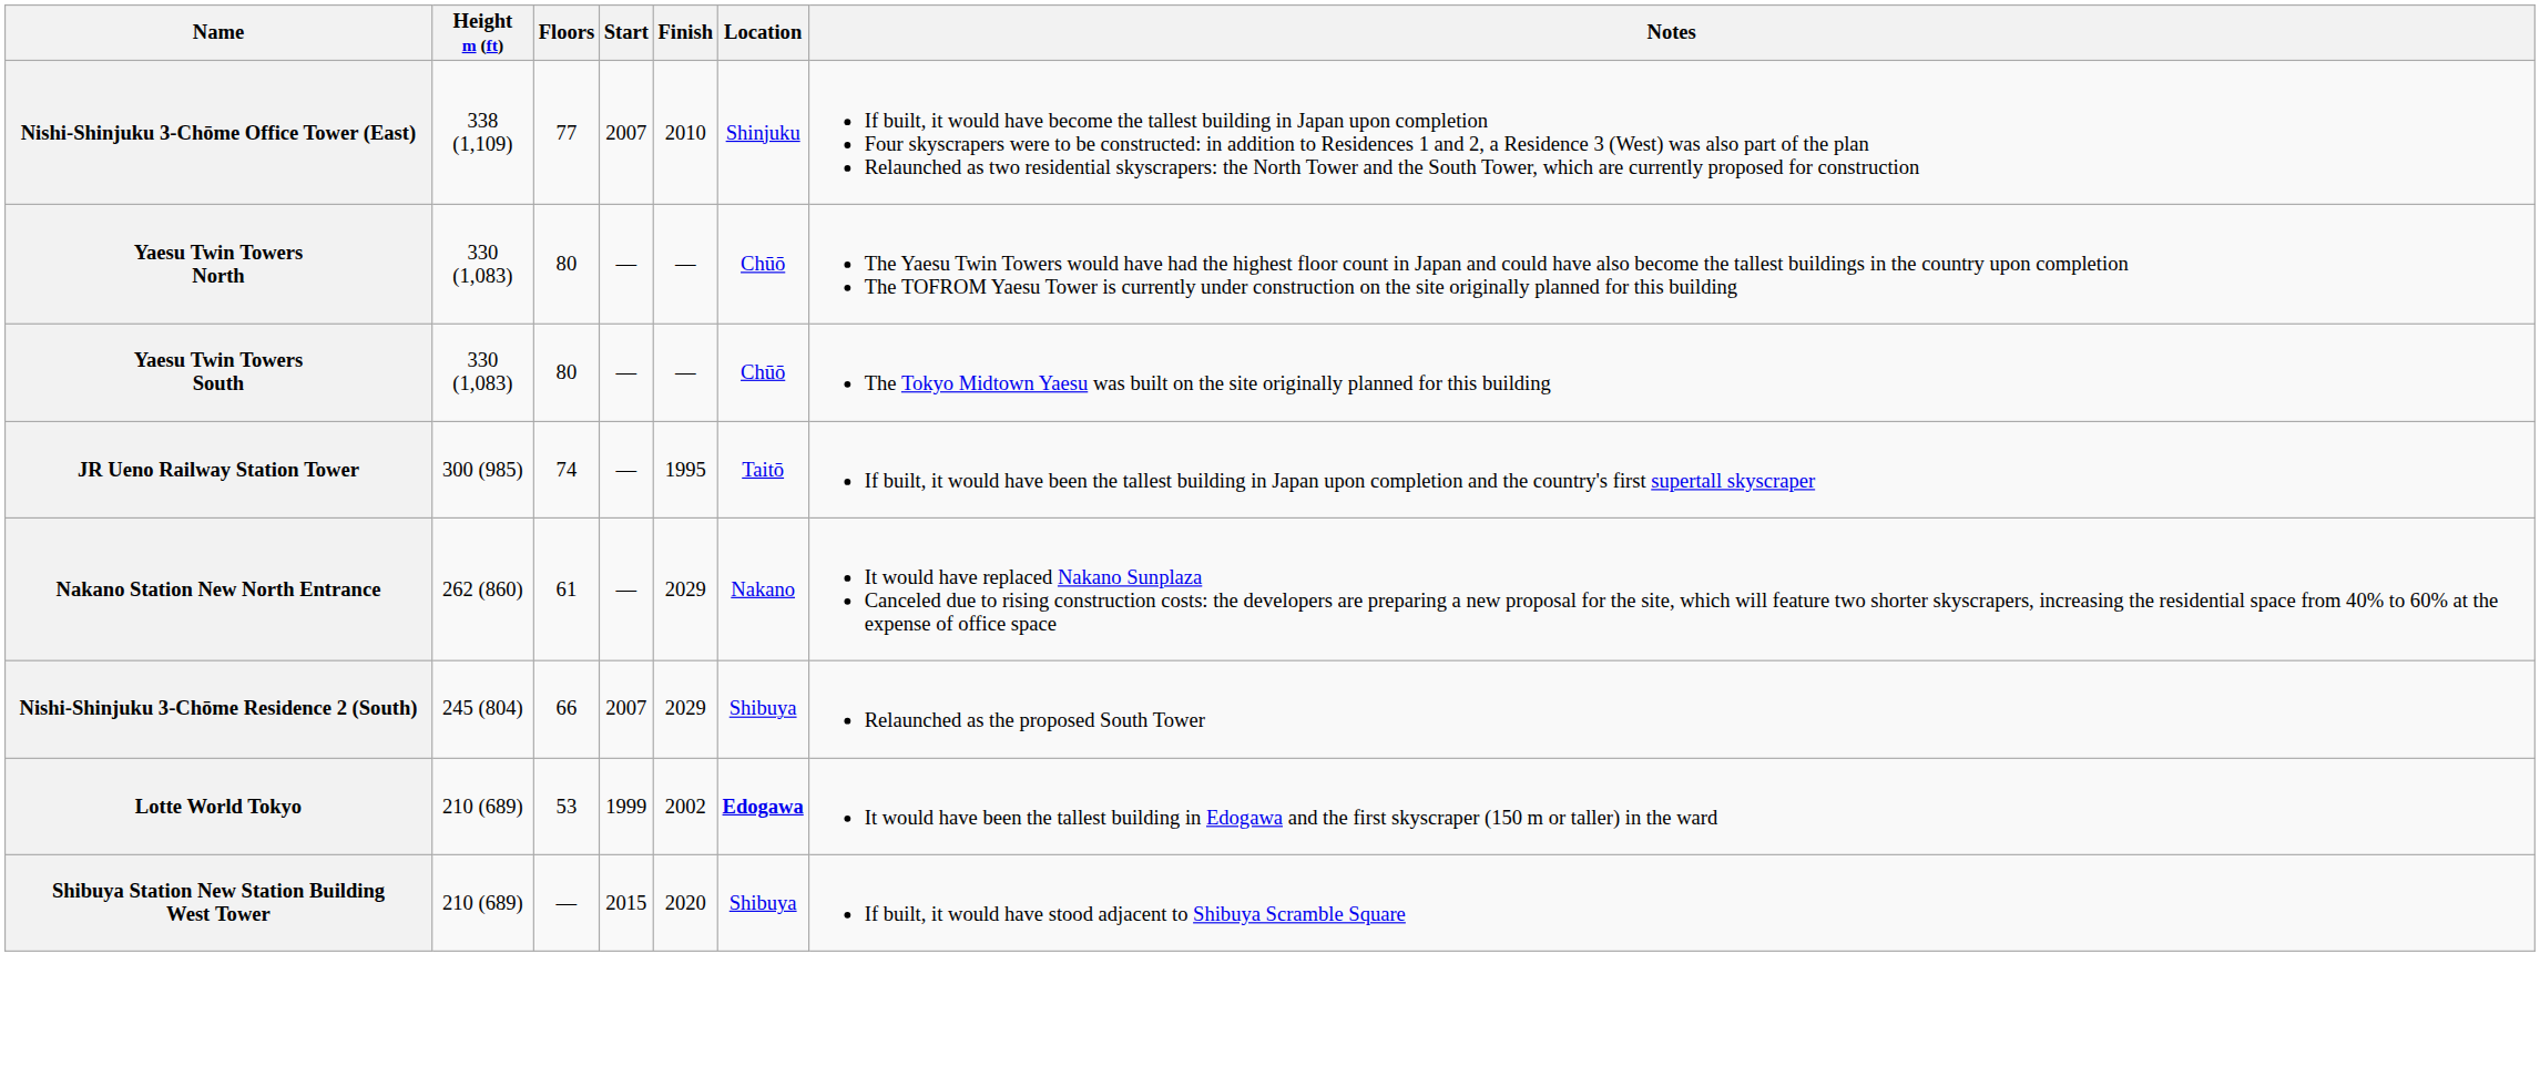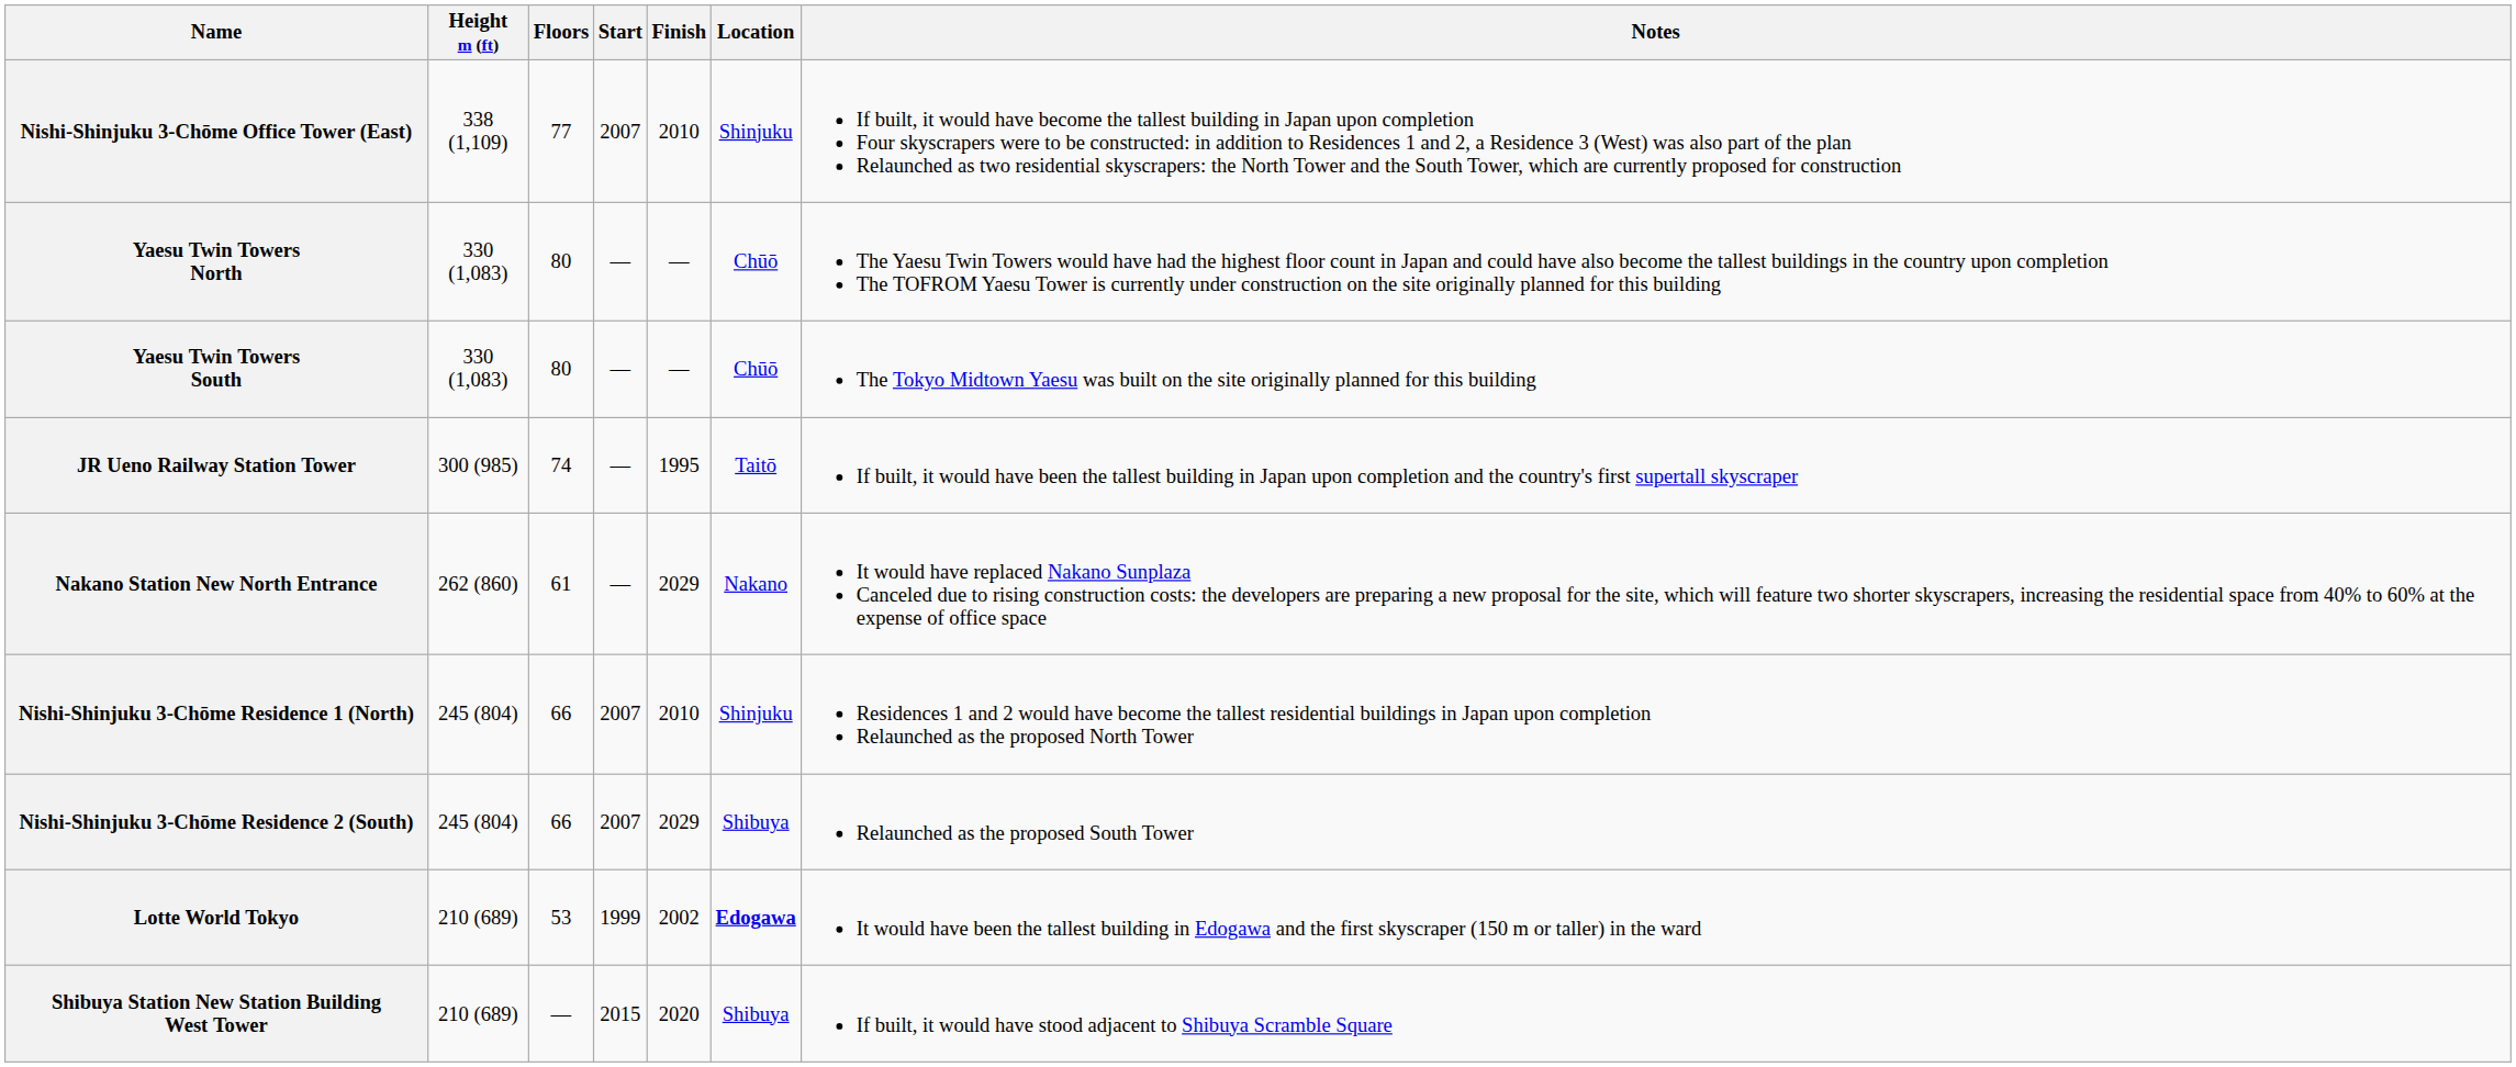 <table class="wikitable sortable plainrowheaders">
 <tr>
 <th scope="col">Name</th>
 <th scope="col">Height<br><small><a href='#'>m</a> (<a href='#'>ft</a>)</small></th>
 <th scope="col">Floors</th>
 <th scope="col">Start</th>
 <th scope="col">Finish</th>
 <th scope="col">Location</th>
 <th class="unsortable" scope="col">Notes</th>
 </tr>
 <tr>
 <th scope="row" style="text-align:center">Nishi-Shinjuku 3-Chōme Office Tower (East)</th>
 <td style="text-align:center;">338 (1,109)</td>
 <td style="text-align:center;">77</td>
 <td style="text-align:center;">2007</td>
 <td style="text-align:center;">2010</td>
 <td style="text-align:center;"><a href='#'>Shinjuku</a></td>
 <td><br><ul><li>If built, it would have become the tallest building in Japan upon completion</li><li>Four skyscrapers were to be constructed: in addition to Residences 1 and 2, a  Residence 3 (West) was also part of the plan</li><li>Relaunched as two residential skyscrapers: the  North Tower and the  South Tower, which are currently proposed for construction</li></ul></td>
 </tr>
 <tr>
 <th scope="row" style="text-align:center">Yaesu Twin Towers<br> North</th>
 <td style="text-align:center;">330 (1,083)</td>
 <td style="text-align:center;">80</td>
 <td style="text-align:center;">—</td>
 <td style="text-align:center;">—</td>
 <td style="text-align:center;"><a href='#'>Chūō</a></td>
 <td><br><ul><li>The Yaesu Twin Towers would have had the highest floor count in Japan and could have also become the tallest buildings in the country upon completion</li><li>The  TOFROM Yaesu Tower is currently under construction on the site originally planned for this building</li></ul></td>
 </tr>
 <tr>
 <th scope="row" style="text-align:center">Yaesu Twin Towers<br> South</th>
 <td style="text-align:center;">330 (1,083)</td>
 <td style="text-align:center;">80</td>
 <td style="text-align:center;">—</td>
 <td style="text-align:center;">—</td>
 <td style="text-align:center;"><a href='#'>Chūō</a></td>
 <td><br><ul><li>The  <a href='#'>Tokyo Midtown Yaesu</a> was built on the site originally planned for this building</li></ul></td>
 </tr>
 <tr>
 <th scope="row" style="text-align:center">JR Ueno Railway Station Tower</th>
 <td style="text-align:center;">300 (985)</td>
 <td style="text-align:center;">74</td>
 <td style="text-align:center;">—</td>
 <td style="text-align:center;">1995</td>
 <td style="text-align:center;"><a href='#'>Taitō</a></td>
 <td><br><ul><li>If built, it would have been the tallest building in Japan upon completion and the country's first <a href='#'>supertall skyscraper</a></li></ul></td>
 </tr>
 <tr>
 <th scope="row" style="text-align:center">Nakano Station New North Entrance</th>
 <td style="text-align:center;">262 (860)</td>
 <td style="text-align:center;">61</td>
 <td style="text-align:center;">—</td>
 <td style="text-align:center;">2029</td>
 <td style="text-align:center;"><a href='#'>Nakano</a></td>
 <td><br><ul><li>It would have replaced <a href='#'>Nakano Sunplaza</a></li><li>Canceled due to rising construction costs: the developers are preparing a new proposal for the site, which will feature two shorter skyscrapers, increasing the residential space from 40% to 60% at the expense of office space</li></ul></td>
 </tr>
 <tr>
+<th scope="row" style="text-align:center">Nishi-Shinjuku 3-Chōme Residence 1 (North)</th>
+<td style="text-align:center;">245 (804)</td>
+<td style="text-align:center;">66</td>
+<td style="text-align:center;">2007</td>
+<td style="text-align:center;">2010</td>
+<td style="text-align:center;"><a href='#'>Shinjuku</a></td>
+<td><br><ul><li>Residences 1 and 2 would have become the tallest residential buildings in Japan upon completion</li><li>Relaunched as the proposed  North Tower</li></ul></td>
+</tr>
+<tr>
 <th scope="row" style="text-align:center">Nishi-Shinjuku 3-Chōme Residence 2 (South)</th>
 <td style="text-align:center;">245 (804)</td>
 <td style="text-align:center;">66</td>
 <td style="text-align:center;">2007</td>
 <td style="text-align:center;">2029</td>
 <td style="text-align:center;"><a href='#'>Shibuya</a></td>
 <td><br><ul><li>Relaunched as the proposed  South Tower</li></ul></td>
 </tr>
 <tr>
 <th scope="row" style="text-align:center">Lotte World Tokyo</th>
 <td style="text-align:center;">210 (689)</td>
 <td style="text-align:center;">53</td>
 <td style="text-align:center;">1999</td>
 <td style="text-align:center;">2002</td>
 <td style="text-align:center;"><strong><a href='#'>Edogawa</a></strong></td>
 <td><br><ul><li>It would have been the tallest building in <a href='#'>Edogawa</a> and the first skyscraper (150 m or taller) in the ward</li></ul></td>
 </tr>
 <tr>
 <th scope="row" style="text-align:center">Shibuya Station New Station Building West Tower</th>
 <td style="text-align:center;">210 (689)</td>
 <td style="text-align:center;">—</td>
 <td style="text-align:center;">2015</td>
 <td style="text-align:center;">2020</td>
 <td style="text-align:center;"><a href='#'>Shibuya</a></td>
 <td><br><ul><li>If built, it would have stood adjacent to <a href='#'>Shibuya Scramble Square</a></li></ul></td>
 </tr>
 </table>
